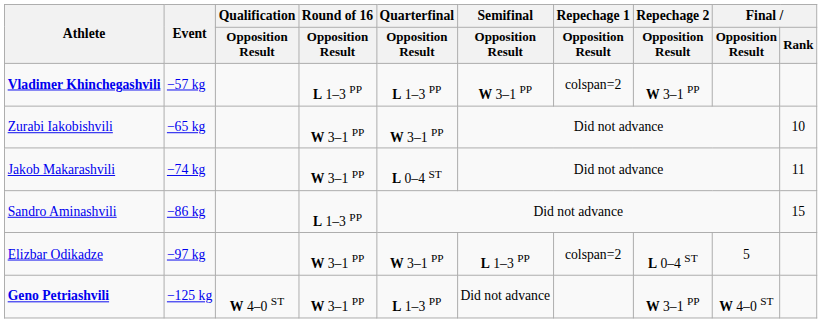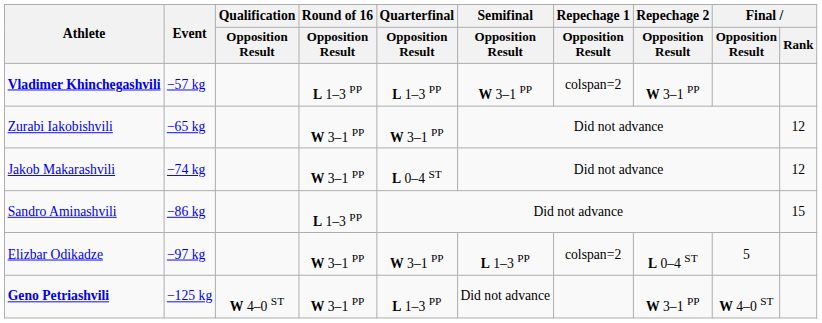 <table class="wikitable" style="font-size:90%">
 <tr>
 <th rowspan=2>Athlete</th>
 <th rowspan=2>Event</th>
 <th>Qualification</th>
 <th>Round of 16</th>
 <th>Quarterfinal</th>
 <th>Semifinal</th>
 <th>Repechage 1</th>
 <th>Repechage 2</th>
 <th colspan=2>Final / </th>
 </tr>
 <tr style="font-size: 95%">
 <th>Opposition<br>Result</th>
 <th>Opposition<br>Result</th>
 <th>Opposition<br>Result</th>
 <th>Opposition<br>Result</th>
 <th>Opposition<br>Result</th>
 <th>Opposition<br>Result</th>
 <th>Opposition<br>Result</th>
 <th>Rank</th>
 </tr>
 <tr align=center>
 <td align=left><strong><a href='#'>Vladimer Khinchegashvili</a></strong></td>
 <td align=left><a href='#'>−57 kg</a></td>
 <td></td>
 <td><br><strong>L</strong> 1–3 <sup>PP</sup></td>
 <td><br><strong>L</strong> 1–3 <sup>PP</sup></td>
 <td><br><strong>W</strong> 3–1 <sup>PP</sup></td>
 <td>colspan=2 </td>
 <td><br><strong>W</strong> 3–1 <sup>PP</sup></td>
 <td></td>
 </tr>
 <tr align=center>
 <td align=left><a href='#'>Zurabi Iakobishvili</a></td>
 <td align=left><a href='#'>−65 kg</a></td>
 <td></td>
 <td><br><strong>W</strong> 3–1 <sup>PP</sup></td>
 <td><br><strong>W</strong> 3–1 <sup>PP</sup></td>
 <td colspan=4>Did not advance</td>
-<td>10</td>
+<td>12</td>
 </tr>
 <tr align=center>
 <td align=left><a href='#'>Jakob Makarashvili</a></td>
 <td align=left><a href='#'>−74 kg</a></td>
 <td></td>
 <td><br><strong>W</strong> 3–1 <sup>PP</sup></td>
 <td><br><strong>L</strong> 0–4 <sup>ST</sup></td>
 <td colspan=4>Did not advance</td>
-<td>11</td>
+<td>12</td>
 </tr>
 <tr align=center>
 <td align=left><a href='#'>Sandro Aminashvili</a></td>
 <td align=left><a href='#'>−86 kg</a></td>
 <td></td>
 <td><br><strong>L</strong> 1–3 <sup>PP</sup></td>
 <td colspan=5>Did not advance</td>
 <td>15</td>
 </tr>
 <tr align=center>
 <td align=left><a href='#'>Elizbar Odikadze</a></td>
 <td align=left><a href='#'>−97 kg</a></td>
 <td></td>
 <td><br><strong>W</strong> 3–1 <sup>PP</sup></td>
 <td><br><strong>W</strong> 3–1 <sup>PP</sup></td>
 <td><br><strong>L</strong> 1–3 <sup>PP</sup></td>
 <td>colspan=2 </td>
 <td><br><strong>L</strong> 0–4 <sup>ST</sup></td>
 <td>5</td>
 </tr>
 <tr align=center>
 <td align=left><strong><a href='#'>Geno Petriashvili</a></strong></td>
 <td align=left><a href='#'>−125 kg</a></td>
 <td><br><strong>W</strong> 4–0 <sup>ST</sup></td>
 <td><br><strong>W</strong> 3–1 <sup>PP</sup></td>
 <td><br><strong>L</strong> 1–3 <sup>PP</sup></td>
 <td>Did not advance</td>
 <td></td>
 <td><br><strong>W</strong> 3–1 <sup>PP</sup></td>
 <td><br><strong>W</strong> 4–0 <sup>ST</sup></td>
 <td></td>
 </tr>
 </table>
